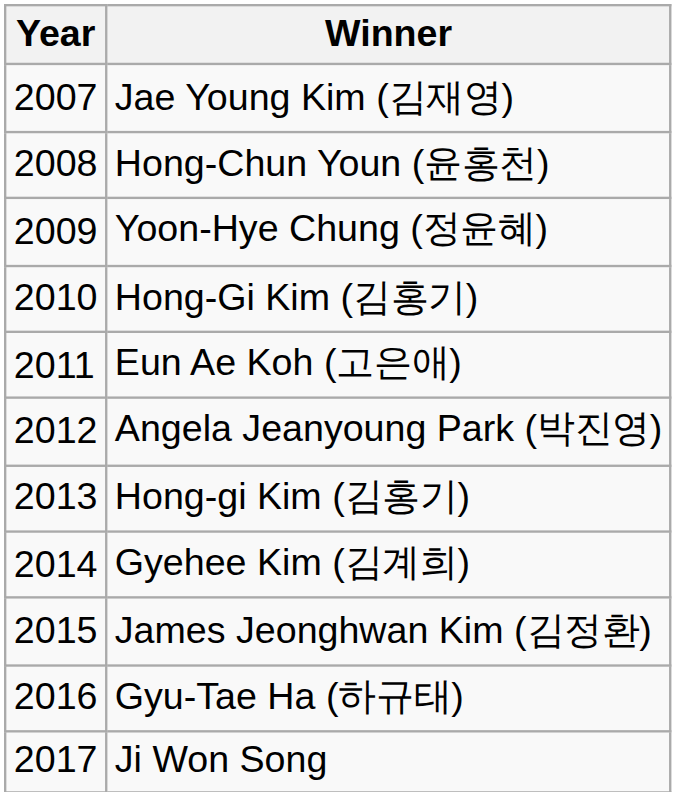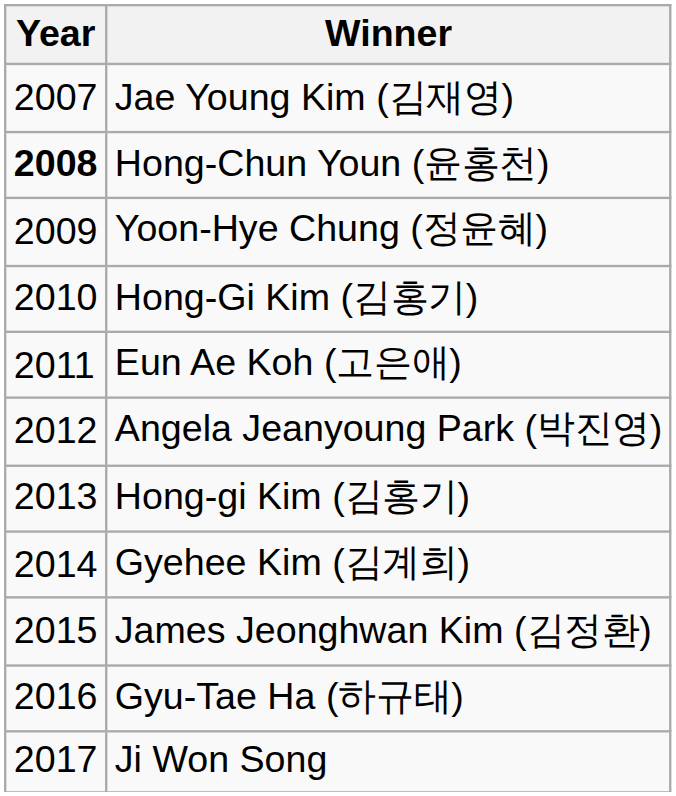 <table class="wikitable">
 <tr>
 <th>Year</th>
 <th>Winner</th>
 </tr>
 <tr>
 <td>2007</td>
 <td>Jae Young Kim (김재영)</td>
 </tr>
 <tr>
-<td>2008</td>
+<td><strong>2008</strong></td>
 <td>Hong-Chun Youn (윤홍천)</td>
 </tr>
 <tr>
 <td>2009</td>
 <td>Yoon-Hye Chung (정윤혜)</td>
 </tr>
 <tr>
 <td>2010</td>
 <td>Hong-Gi Kim (김홍기)</td>
 </tr>
 <tr>
 <td>2011</td>
 <td>Eun Ae Koh (고은애)</td>
 </tr>
 <tr>
 <td>2012</td>
 <td>Angela Jeanyoung Park (박진영)</td>
 </tr>
 <tr>
 <td>2013</td>
 <td>Hong-gi Kim (김홍기)</td>
 </tr>
 <tr>
 <td>2014</td>
 <td>Gyehee Kim (김계희)</td>
 </tr>
 <tr>
 <td>2015</td>
 <td>James Jeonghwan Kim (김정환)</td>
 </tr>
 <tr>
 <td>2016</td>
 <td>Gyu-Tae Ha (하규태)</td>
 </tr>
 <tr>
 <td>2017</td>
 <td>Ji Won Song</td>
 </tr>
 </table>
